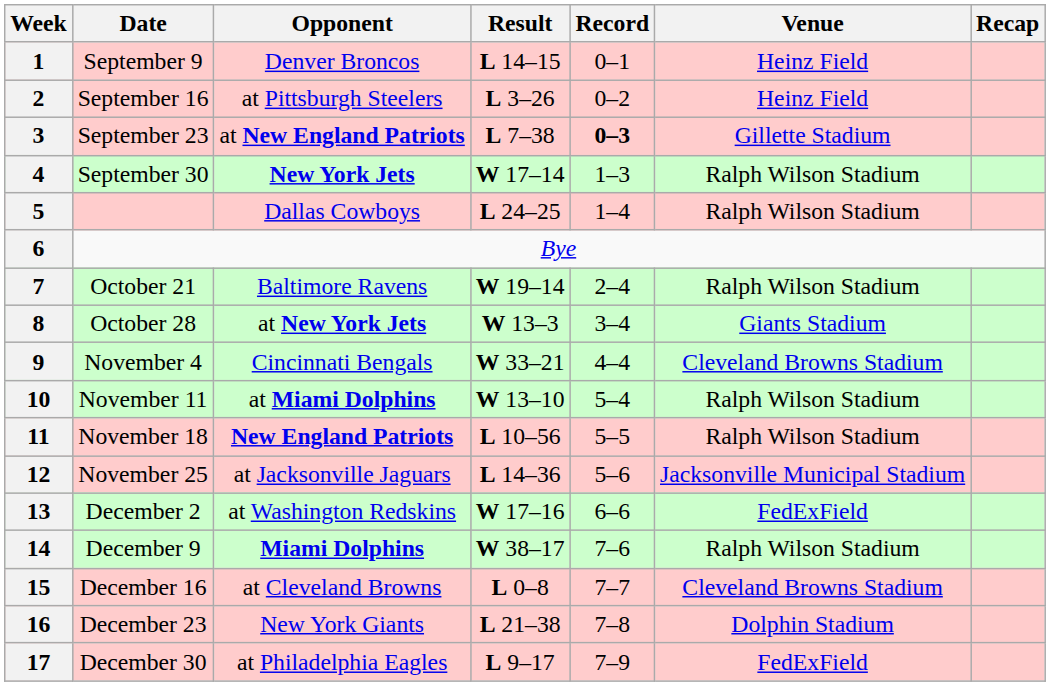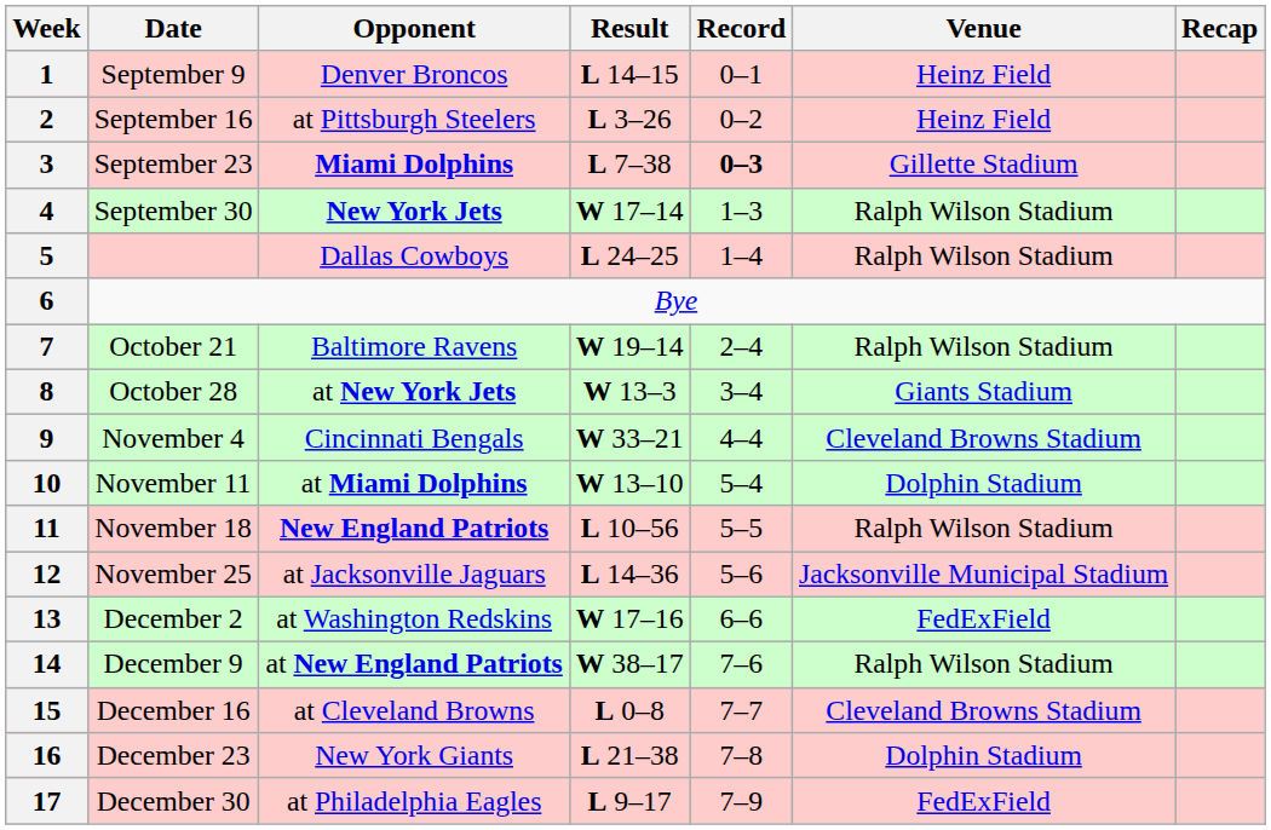 <table class="wikitable" style="text-align:center">
 <tr>
 <th>Week</th>
 <th>Date</th>
 <th>Opponent</th>
 <th>Result</th>
 <th>Record</th>
 <th>Venue</th>
 <th>Recap</th>
 </tr>
 <tr style="background:#fcc">
 <th>1</th>
 <td>September 9</td>
 <td><a href='#'>Denver Broncos</a></td>
 <td><strong>L</strong> 14–15</td>
 <td>0–1</td>
 <td><a href='#'>Heinz Field</a></td>
 <td></td>
 </tr>
 <tr style="background:#fcc">
 <th>2</th>
 <td>September 16</td>
 <td>at <a href='#'>Pittsburgh Steelers</a></td>
 <td><strong>L</strong> 3–26</td>
 <td>0–2</td>
 <td><a href='#'>Heinz Field</a></td>
 <td></td>
 </tr>
 <tr style="background:#fcc">
 <th>3</th>
 <td>September 23</td>
-<td>at <strong><a href='#'>New England Patriots</a></strong></td>
+<td><strong><a href='#'>Miami Dolphins</a></strong></td>
 <td><strong>L</strong> 7–38</td>
 <td><strong>0–3</strong></td>
 <td><a href='#'>Gillette Stadium</a></td>
 <td></td>
 </tr>
 <tr style="background:#cfc">
 <th>4</th>
 <td>September 30</td>
 <td><strong><a href='#'>New York Jets</a></strong></td>
 <td><strong>W</strong> 17–14</td>
 <td>1–3</td>
 <td>Ralph Wilson Stadium</td>
 <td></td>
 </tr>
 <tr style="background:#fcc">
 <th>5</th>
 <td></td>
 <td><a href='#'>Dallas Cowboys</a></td>
 <td><strong>L</strong> 24–25</td>
 <td>1–4</td>
 <td>Ralph Wilson Stadium</td>
 <td></td>
 </tr>
 <tr>
 <th>6</th>
 <td colspan="6"><em><a href='#'>Bye</a></em></td>
 </tr>
 <tr style="background:#cfc">
 <th>7</th>
 <td>October 21</td>
 <td><a href='#'>Baltimore Ravens</a></td>
 <td><strong>W</strong> 19–14</td>
 <td>2–4</td>
 <td>Ralph Wilson Stadium</td>
 <td></td>
 </tr>
 <tr style="background:#cfc">
 <th>8</th>
 <td>October 28</td>
 <td>at <strong><a href='#'>New York Jets</a></strong></td>
 <td><strong>W</strong> 13–3</td>
 <td>3–4</td>
 <td><a href='#'>Giants Stadium</a></td>
 <td></td>
 </tr>
 <tr style="background:#cfc">
 <th>9</th>
 <td>November 4</td>
 <td><a href='#'>Cincinnati Bengals</a></td>
 <td><strong>W</strong> 33–21</td>
 <td>4–4</td>
 <td><a href='#'>Cleveland Browns Stadium</a></td>
 <td></td>
 </tr>
 <tr style="background:#cfc">
 <th>10</th>
 <td>November 11</td>
 <td>at <strong><a href='#'>Miami Dolphins</a></strong></td>
 <td><strong>W</strong> 13–10</td>
 <td>5–4</td>
-<td>Ralph Wilson Stadium</td>
+<td><a href='#'>Dolphin Stadium</a></td>
 <td></td>
 </tr>
 <tr style="background:#fcc">
 <th>11</th>
 <td>November 18</td>
 <td><strong><a href='#'>New England Patriots</a></strong></td>
 <td><strong>L</strong> 10–56</td>
 <td>5–5</td>
 <td>Ralph Wilson Stadium</td>
 <td></td>
 </tr>
 <tr style="background:#fcc">
 <th>12</th>
 <td>November 25</td>
 <td>at <a href='#'>Jacksonville Jaguars</a></td>
 <td><strong>L</strong> 14–36</td>
 <td>5–6</td>
 <td><a href='#'>Jacksonville Municipal Stadium</a></td>
 <td></td>
 </tr>
 <tr style="background:#cfc">
 <th>13</th>
 <td>December 2</td>
 <td>at <a href='#'>Washington Redskins</a></td>
 <td><strong>W</strong> 17–16</td>
 <td>6–6</td>
 <td><a href='#'>FedExField</a></td>
 <td></td>
 </tr>
 <tr style="background:#cfc">
 <th>14</th>
 <td>December 9</td>
-<td><strong><a href='#'>Miami Dolphins</a></strong></td>
+<td>at <strong><a href='#'>New England Patriots</a></strong></td>
 <td><strong>W</strong> 38–17</td>
 <td>7–6</td>
 <td>Ralph Wilson Stadium</td>
 <td></td>
 </tr>
 <tr style="background:#fcc">
 <th>15</th>
 <td>December 16</td>
 <td>at <a href='#'>Cleveland Browns</a></td>
 <td><strong>L</strong> 0–8</td>
 <td>7–7</td>
 <td><a href='#'>Cleveland Browns Stadium</a></td>
 <td></td>
 </tr>
 <tr style="background:#fcc">
 <th>16</th>
 <td>December 23</td>
 <td><a href='#'>New York Giants</a></td>
 <td><strong>L</strong> 21–38</td>
 <td>7–8</td>
 <td><a href='#'>Dolphin Stadium</a></td>
 <td></td>
 </tr>
 <tr style="background:#fcc">
 <th>17</th>
 <td>December 30</td>
 <td>at <a href='#'>Philadelphia Eagles</a></td>
 <td><strong>L</strong> 9–17</td>
 <td>7–9</td>
 <td><a href='#'>FedExField</a></td>
 <td></td>
 </tr>
 </table>
